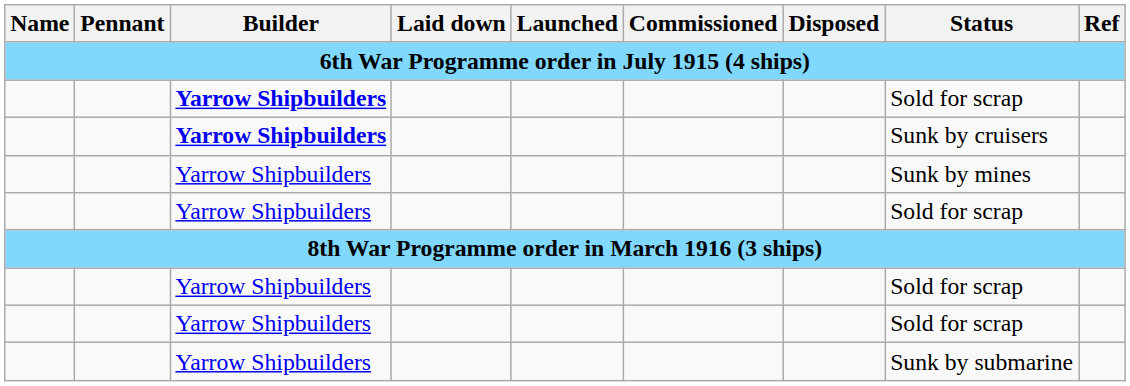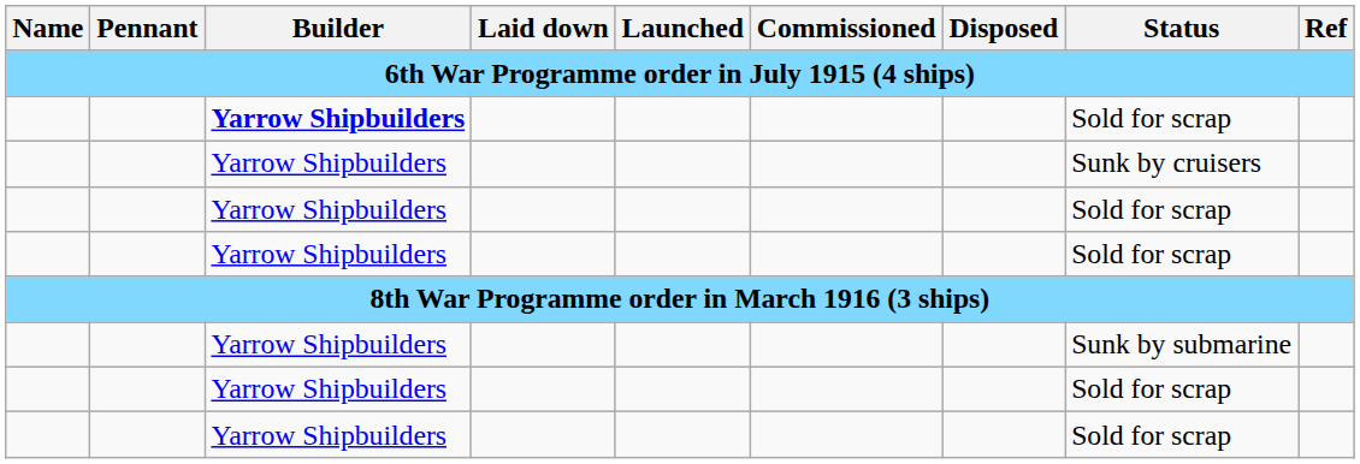 <table class="sortable wikitable">
 <tr>
 <th>Name</th>
 <th>Pennant</th>
 <th>Builder</th>
 <th>Laid down</th>
 <th>Launched</th>
 <th>Commissioned</th>
 <th>Disposed</th>
 <th>Status</th>
 <th>Ref</th>
 </tr>
 <tr>
 <th colspan="10" style="background: #80D8FF;">6th War Programme order in July 1915 (4 ships)</th>
 </tr>
 <tr>
 <td></td>
 <td></td>
 <td><strong><a href='#'>Yarrow Shipbuilders</a></strong></td>
 <td></td>
 <td></td>
 <td></td>
 <td></td>
 <td>Sold for scrap</td>
 <td></td>
 </tr>
 <tr>
 <td></td>
 <td></td>
-<td><strong><a href='#'>Yarrow Shipbuilders</a></strong></td>
+<td><a href='#'>Yarrow Shipbuilders</a></td>
 <td></td>
 <td></td>
 <td></td>
 <td></td>
 <td>Sunk by cruisers</td>
 <td></td>
 </tr>
 <tr>
 <td></td>
 <td></td>
 <td><a href='#'>Yarrow Shipbuilders</a></td>
 <td></td>
 <td></td>
 <td></td>
 <td></td>
-<td>Sunk by mines</td>
+<td>Sold for scrap</td>
 <td></td>
 </tr>
 <tr>
 <td></td>
 <td></td>
 <td><a href='#'>Yarrow Shipbuilders</a></td>
 <td></td>
 <td></td>
 <td></td>
 <td></td>
 <td>Sold for scrap</td>
 <td></td>
 </tr>
 <tr>
 <th colspan="10" style="background: #80D8FF;">8th War Programme order in March 1916 (3 ships)</th>
 </tr>
 <tr>
 <td></td>
 <td></td>
 <td><a href='#'>Yarrow Shipbuilders</a></td>
 <td></td>
 <td></td>
 <td></td>
 <td></td>
-<td>Sold for scrap</td>
+<td>Sunk by submarine</td>
 <td></td>
 </tr>
 <tr>
 <td></td>
 <td></td>
 <td><a href='#'>Yarrow Shipbuilders</a></td>
 <td></td>
 <td></td>
 <td></td>
 <td></td>
 <td>Sold for scrap</td>
 <td></td>
 </tr>
 <tr>
 <td></td>
 <td></td>
 <td><a href='#'>Yarrow Shipbuilders</a></td>
 <td></td>
 <td></td>
 <td></td>
 <td></td>
-<td>Sunk by submarine</td>
+<td>Sold for scrap</td>
 <td></td>
 </tr>
 </table>
